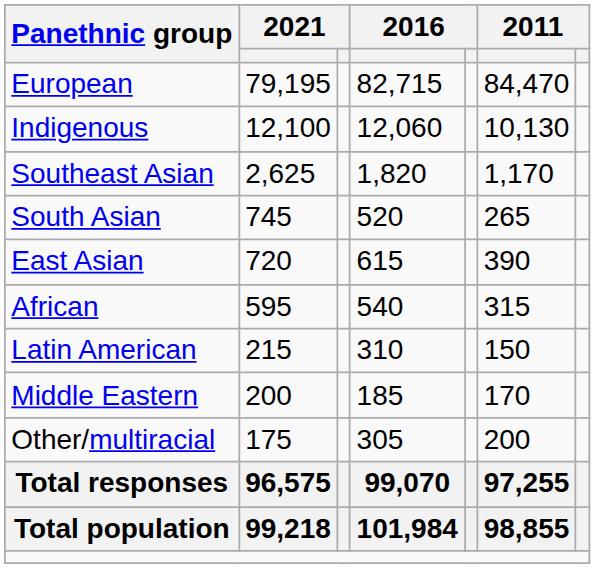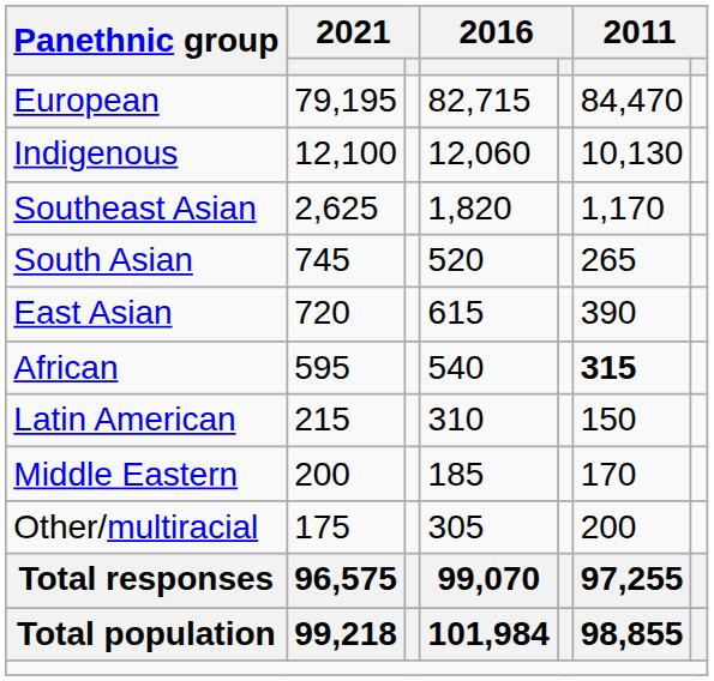 <table class="wikitable collapsible sortable">
 <tr>
 <th rowspan="2"><a href='#'>Panethnic</a> group</th>
 <th colspan="2">2021</th>
 <th colspan="2">2016</th>
 <th colspan="2">2011</th>
 </tr>
 <tr>
 <th><a href='#'></a></th>
 <th></th>
 <th></th>
 <th></th>
 <th></th>
 <th></th>
 </tr>
 <tr>
 <td><a href='#'>European</a></td>
 <td>79,195</td>
 <td></td>
 <td>82,715</td>
 <td></td>
 <td>84,470</td>
 <td></td>
 </tr>
 <tr>
 <td><a href='#'>Indigenous</a></td>
 <td>12,100</td>
 <td></td>
 <td>12,060</td>
 <td></td>
 <td>10,130</td>
 <td></td>
 </tr>
 <tr>
 <td><a href='#'>Southeast Asian</a></td>
 <td>2,625</td>
 <td></td>
 <td>1,820</td>
 <td></td>
 <td>1,170</td>
 <td></td>
 </tr>
 <tr>
 <td><a href='#'>South Asian</a></td>
 <td>745</td>
 <td></td>
 <td>520</td>
 <td></td>
 <td>265</td>
 <td></td>
 </tr>
 <tr>
 <td><a href='#'>East Asian</a></td>
 <td>720</td>
 <td></td>
 <td>615</td>
 <td></td>
 <td>390</td>
 <td></td>
 </tr>
 <tr>
 <td><a href='#'>African</a></td>
 <td>595</td>
 <td></td>
 <td>540</td>
 <td></td>
-<td>315</td>
+<td><strong>315</strong></td>
 <td></td>
 </tr>
 <tr>
 <td><a href='#'>Latin American</a></td>
 <td>215</td>
 <td></td>
 <td>310</td>
 <td></td>
 <td>150</td>
 <td></td>
 </tr>
 <tr>
 <td><a href='#'>Middle Eastern</a></td>
 <td>200</td>
 <td></td>
 <td>185</td>
 <td></td>
 <td>170</td>
 <td></td>
 </tr>
 <tr>
 <td>Other/<a href='#'>multiracial</a></td>
 <td>175</td>
 <td></td>
 <td>305</td>
 <td></td>
 <td>200</td>
 <td></td>
 </tr>
 <tr>
 <th>Total responses</th>
 <th>96,575</th>
 <th></th>
 <th>99,070</th>
 <th></th>
 <th>97,255</th>
 <th></th>
 </tr>
 <tr class="sortbottom">
 <th>Total population</th>
 <th>99,218</th>
 <th></th>
 <th>101,984</th>
 <th></th>
 <th>98,855</th>
 <th></th>
 </tr>
 <tr class="sortbottom">
 <td colspan="15"></td>
 </tr>
 </table>
